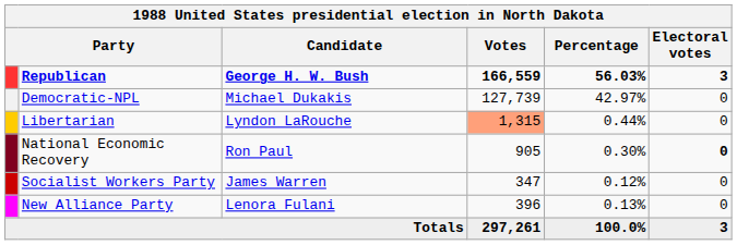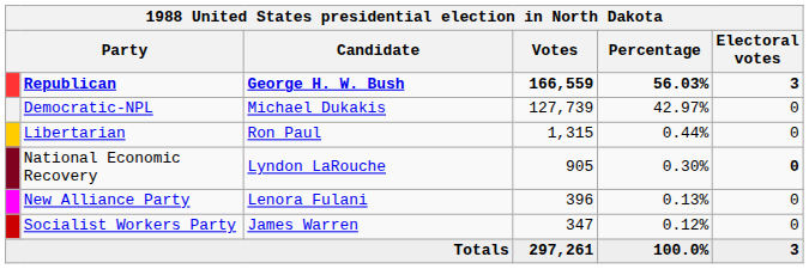 <table class="wikitable" style="font-size: 95%;">
 <tr>
 <th colspan="6">1988 United States presidential election in North Dakota</th>
 </tr>
 <tr>
 <th colspan="2" style="width: 15em">Party</th>
 <th style="width: 17em">Candidate</th>
 <th style="width: 5em">Votes</th>
 <th style="width: 7em">Percentage</th>
 <th style="width: 5em">Electoral votes</th>
 </tr>
 <tr>
 <th style="background:#FF3333; width:3px;"></th>
 <td style="width: 130px"><strong><a href='#'>Republican</a></strong></td>
 <td><strong><a href='#'>George H. W. Bush</a></strong></td>
 <td style="text-align:right;"><strong>166,559</strong></td>
 <td style="text-align:right;"><strong>56.03%</strong></td>
 <td style="text-align:right;"><strong>3</strong></td>
 </tr>
 <tr>
 <th style="background:"></th>
 <td style="width: 130px"><a href='#'>Democratic-NPL</a></td>
 <td><a href='#'>Michael Dukakis</a></td>
 <td style="text-align:right;">127,739</td>
 <td style="text-align:right;">42.97%</td>
 <td style="text-align:right;">0</td>
 </tr>
 <tr>
 <th style="background:#FFCC00; width:3px;"></th>
 <td style="width: 130px"><a href='#'>Libertarian</a></td>
-<td><a href='#'>Lyndon LaRouche</a></td>
-<td style="background: lightsalmon; text-align:right;">1,315</td>
+<td><a href='#'>Ron Paul</a></td>
+<td style="text-align:right;">1,315</td>
 <td style="text-align:right;">0.44%</td>
 <td style="text-align:right;">0</td>
 </tr>
 <tr>
 <th style="background:#800020; width:3px;"></th>
 <td style="width: 130px">National Economic Recovery</td>
-<td><a href='#'>Ron Paul</a></td>
+<td><a href='#'>Lyndon LaRouche</a></td>
 <td style="text-align:right;">905</td>
 <td style="text-align:right;">0.30%</td>
 <td style="text-align:right;"><strong>0</strong></td>
+</tr>
+<tr>
+<th style="background:#FF00FF; width:3px;"></th>
+<td style="width: 130px"><a href='#'>New Alliance Party</a></td>
+<td><a href='#'>Lenora Fulani</a></td>
+<td style="text-align:right;">396</td>
+<td style="text-align:right;">0.13%</td>
+<td style="text-align:right;">0</td>
 </tr>
 <tr>
 <th style="background:#c00; width:3px;"></th>
 <td style="width: 130px"><a href='#'>Socialist Workers Party</a></td>
 <td><a href='#'>James Warren</a></td>
 <td style="text-align:right;">347</td>
 <td style="text-align:right;">0.12%</td>
 <td style="text-align:right;">0</td>
 </tr>
-<tr>
-<th style="background:#FF00FF; width:3px;"></th>
-<td style="width: 130px"><a href='#'>New Alliance Party</a></td>
-<td><a href='#'>Lenora Fulani</a></td>
-<td style="text-align:right;">396</td>
-<td style="text-align:right;">0.13%</td>
-<td style="text-align:right;">0</td>
-</tr>
 <tr style="background:#eee; text-align:right;">
 <td colspan="3"><strong>Totals</strong></td>
 <td><strong>297,261</strong></td>
 <td><strong>100.0%</strong></td>
 <td><strong>3</strong></td>
 </tr>
 </table>
